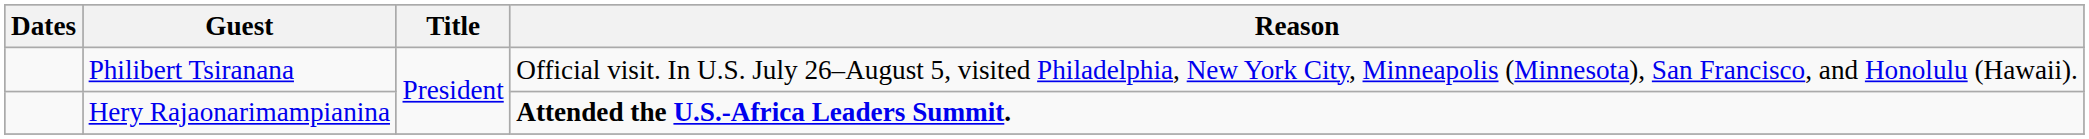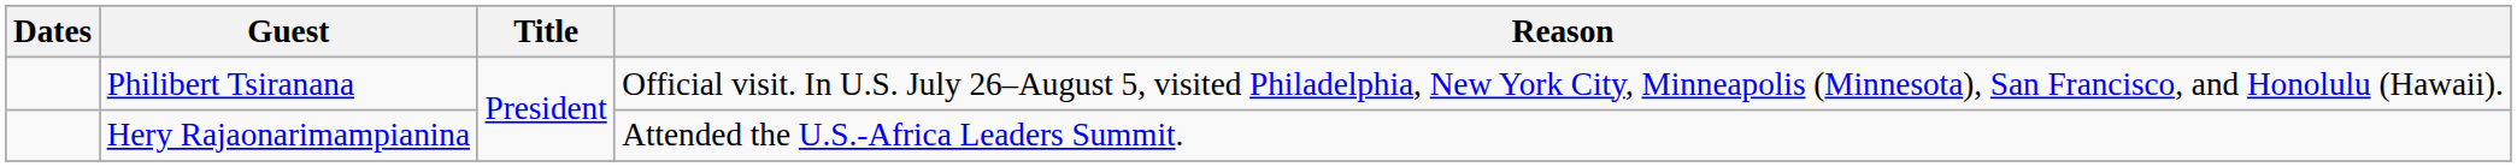 <table class="wikitable sortable">
 <tr>
 <th>Dates</th>
 <th>Guest</th>
 <th>Title</th>
 <th>Reason</th>
 </tr>
 <tr>
 <td></td>
 <td><a href='#'>Philibert Tsiranana</a></td>
 <td rowspan="2"><a href='#'>President</a></td>
 <td>Official visit. In U.S. July 26–August 5, visited <a href='#'>Philadelphia</a>, <a href='#'>New York City</a>, <a href='#'>Minneapolis</a> (<a href='#'>Minnesota</a>), <a href='#'>San Francisco</a>, and <a href='#'>Honolulu</a> (Hawaii).</td>
 </tr>
 <tr>
 <td></td>
 <td><a href='#'>Hery Rajaonarimampianina</a></td>
-<td><strong>Attended the <a href='#'>U.S.-Africa Leaders Summit</a>.</strong></td>
+<td>Attended the <a href='#'>U.S.-Africa Leaders Summit</a>.</td>
 </tr>
 </table>
